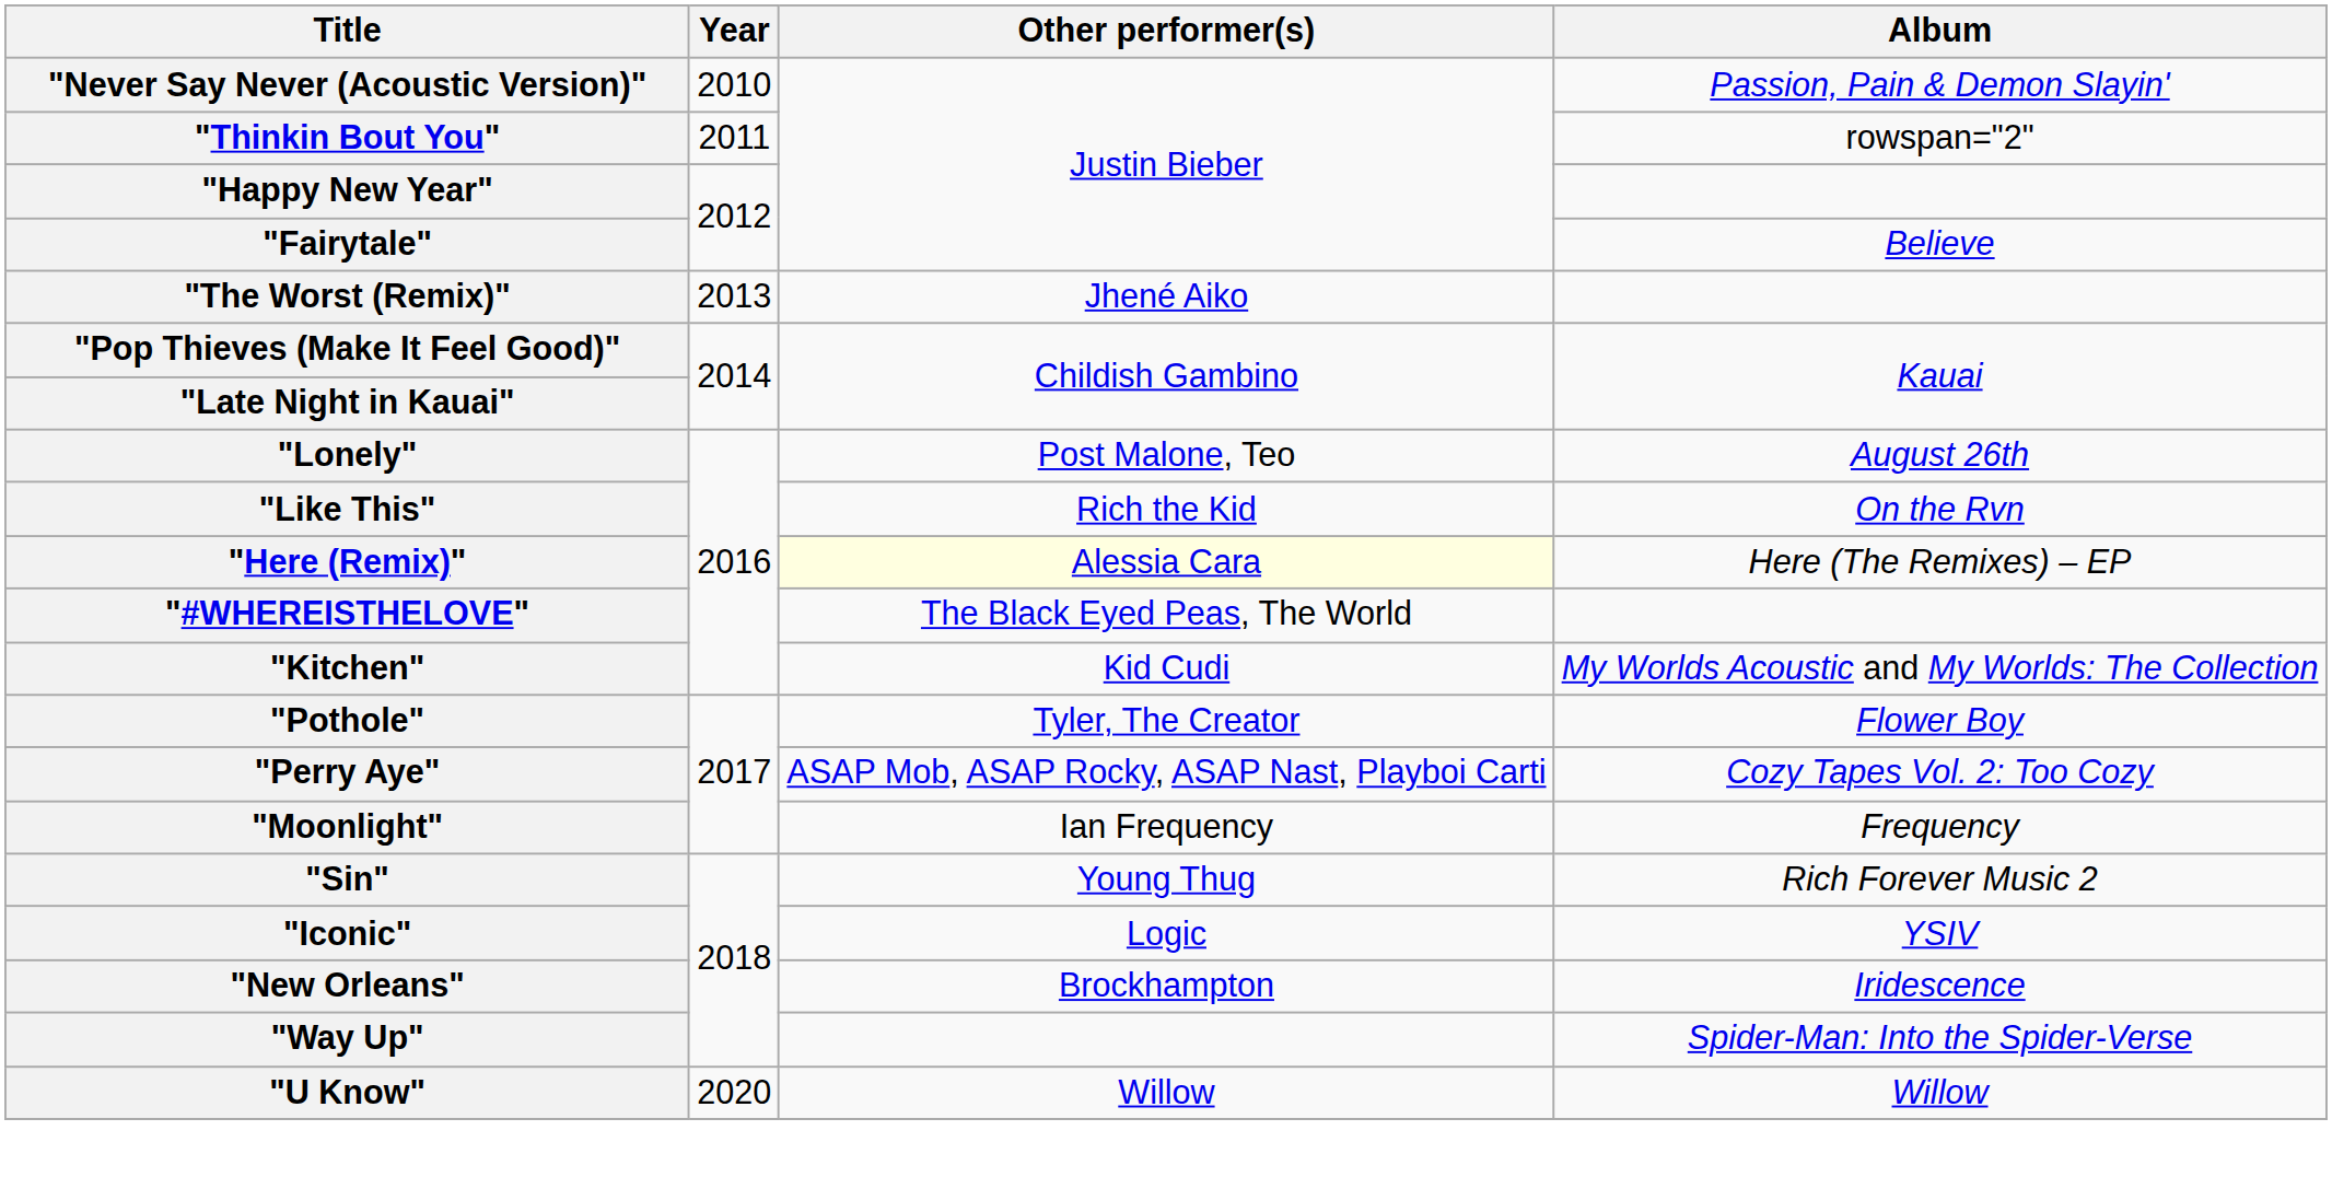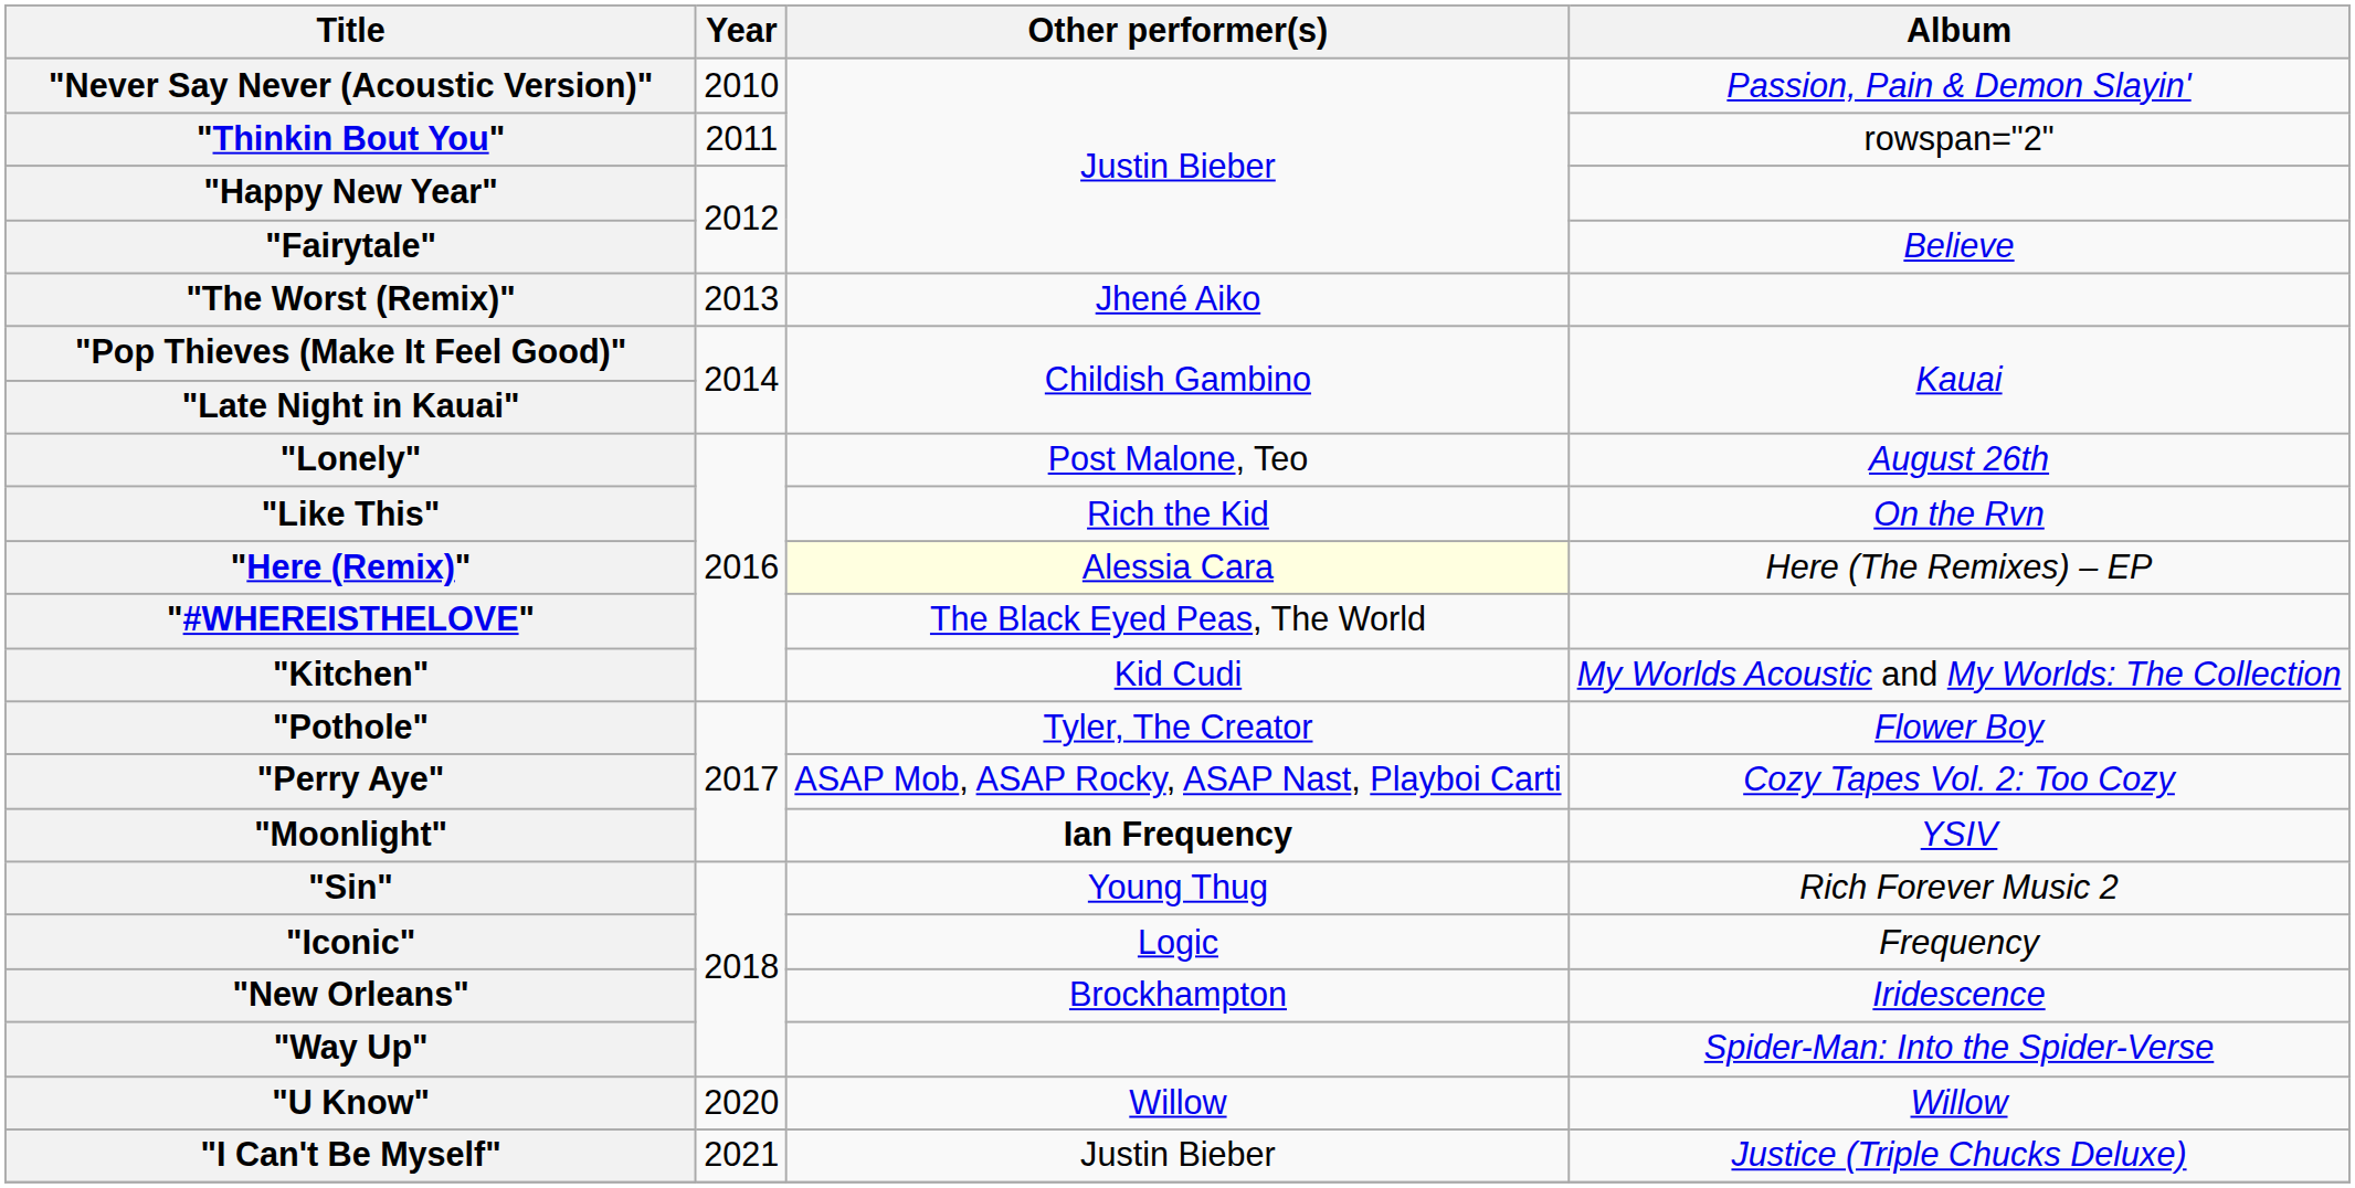 <table class="wikitable plainrowheaders" style="text-align:center;">
 <tr>
 <th scope="col" style="width:20em;">Title</th>
 <th scope="col">Year</th>
 <th scope="col">Other performer(s)</th>
 <th scope="col">Album</th>
 </tr>
 <tr>
 <th scope="row">"Never Say Never (Acoustic Version)"</th>
 <td>2010</td>
 <td rowspan="4"><a href='#'>Justin Bieber</a></td>
 <td><em><a href='#'>Passion, Pain & Demon Slayin'</a></em></td>
 </tr>
 <tr>
 <th scope="row">"<a href='#'>Thinkin Bout You</a>"</th>
 <td>2011</td>
 <td>rowspan="2" </td>
 </tr>
 <tr>
 <th scope="row">"Happy New Year"</th>
 <td rowspan="2">2012</td>
 </tr>
 <tr>
 <th scope="row">"Fairytale"</th>
 <td><em><a href='#'>Believe</a></em></td>
 </tr>
 <tr>
 <th scope="row">"The Worst (Remix)"</th>
 <td>2013</td>
 <td><a href='#'>Jhené Aiko</a></td>
 <td></td>
 </tr>
 <tr>
 <th scope="row">"Pop Thieves (Make It Feel Good)"</th>
 <td rowspan="2">2014</td>
 <td rowspan="2"><a href='#'>Childish Gambino</a></td>
 <td rowspan="2"><em><a href='#'>Kauai</a></em></td>
 </tr>
 <tr>
 <th scope="row">"Late Night in Kauai"</th>
 </tr>
 <tr>
 <th scope="row">"Lonely"</th>
 <td rowspan="5">2016</td>
 <td><a href='#'>Post Malone</a>, Teo</td>
 <td><em><a href='#'>August 26th</a></em></td>
 </tr>
 <tr>
 <th scope="row">"Like This"</th>
 <td><a href='#'>Rich the Kid</a></td>
 <td><em><a href='#'>On the Rvn</a></em></td>
 </tr>
 <tr>
 <th scope="row">"<a href='#'>Here (Remix)</a>"</th>
 <td style="background: lightyellow;"><a href='#'>Alessia Cara</a></td>
 <td><em>Here (The Remixes) – EP</em></td>
 </tr>
 <tr>
 <th scope="row">"<a href='#'>#WHEREISTHELOVE</a>"</th>
 <td><a href='#'>The Black Eyed Peas</a>, The World</td>
 <td></td>
 </tr>
 <tr>
 <th scope="row">"Kitchen"</th>
 <td><a href='#'>Kid Cudi</a></td>
 <td><em><a href='#'>My Worlds Acoustic</a></em> and  <em><a href='#'>My Worlds: The Collection</a></em></td>
 </tr>
 <tr>
 <th scope="row">"Pothole"</th>
 <td rowspan="3">2017</td>
 <td><a href='#'>Tyler, The Creator</a></td>
 <td><em><a href='#'>Flower Boy</a></em></td>
 </tr>
 <tr>
 <th scope="row">"Perry Aye"</th>
 <td><a href='#'>ASAP Mob</a>, <a href='#'>ASAP Rocky</a>, <a href='#'>ASAP Nast</a>, <a href='#'>Playboi Carti</a></td>
 <td><em><a href='#'>Cozy Tapes Vol. 2: Too Cozy</a></em></td>
 </tr>
 <tr>
 <th scope="row">"Moonlight"</th>
-<td>Ian Frequency</td>
-<td><em>Frequency</em></td>
+<td><strong>Ian Frequency</strong></td>
+<td><em><a href='#'>YSIV</a></em></td>
 </tr>
 <tr>
 <th scope="row">"Sin"</th>
 <td rowspan="4">2018</td>
 <td><a href='#'>Young Thug</a></td>
 <td><em>Rich Forever Music 2</em></td>
 </tr>
 <tr>
 <th scope="row">"Iconic"</th>
 <td><a href='#'>Logic</a></td>
-<td><em><a href='#'>YSIV</a></em></td>
+<td><em>Frequency</em></td>
 </tr>
 <tr>
 <th scope="row">"New Orleans"</th>
 <td><a href='#'>Brockhampton</a></td>
 <td><em><a href='#'>Iridescence</a></em></td>
 </tr>
 <tr>
 <th scope="row">"Way Up"</th>
 <td></td>
 <td><em><a href='#'>Spider-Man: Into the Spider-Verse</a></em></td>
 </tr>
 <tr>
 <th scope="row">"U Know"</th>
 <td>2020</td>
 <td><a href='#'>Willow</a></td>
 <td><em><a href='#'>Willow</a></em></td>
 </tr>
 <tr>
+<th scope="row">"I Can't Be Myself"</th>
+<td>2021</td>
+<td>Justin Bieber</td>
+<td><em><a href='#'>Justice (Triple Chucks Deluxe)</a></em></td>
+</tr>
+<tr>
 </tr>
 </table>
